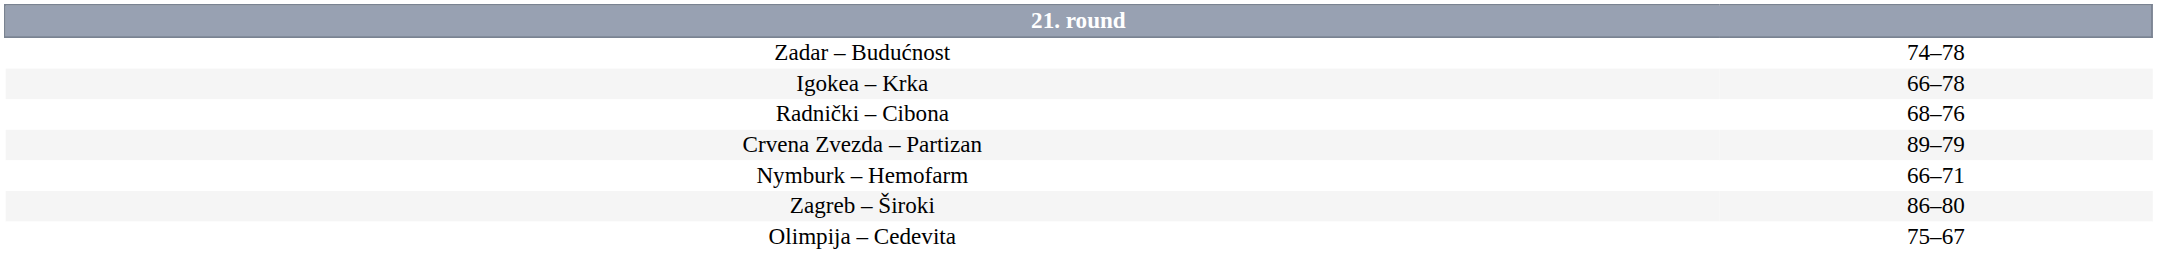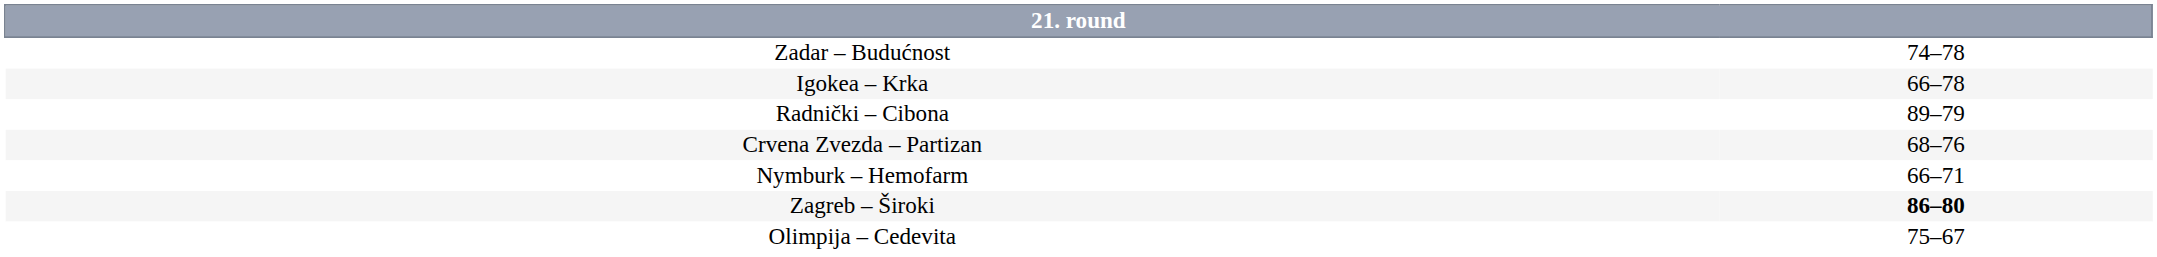 <table border=0 cellspacing=0 cellpadding=1em style="font-size: 85%; border-collapse: collapse;" width=100%>
 <tr>
 <td colspan=5 bgcolor=#98A1B2 style="border:1px solid #7A8392; text-align:center; color:#FFFFFF;"><strong>21. round</strong></td>
 </tr>
 <tr align=center bgcolor=#FFFFFF>
 <td>Zadar – Budućnost</td>
 <td>74–78</td>
 </tr>
 <tr align=center bgcolor=#f5f5f5>
 <td>Igokea – Krka</td>
 <td>66–78</td>
 </tr>
 <tr align=center bgcolor=#FFFFFF>
 <td>Radnički – Cibona</td>
-<td>68–76</td>
+<td>89–79</td>
 </tr>
 <tr align=center bgcolor=#f5f5f5>
 <td>Crvena Zvezda – Partizan</td>
-<td>89–79</td>
+<td>68–76</td>
 </tr>
 <tr align=center bgcolor=#FFFFFF>
 <td>Nymburk – Hemofarm</td>
 <td>66–71</td>
 </tr>
 <tr align=center bgcolor=#f5f5f5>
 <td>Zagreb – Široki</td>
-<td>86–80</td>
+<td><strong>86–80</strong></td>
 </tr>
 <tr align=center bgcolor=#FFFFFF>
 <td>Olimpija – Cedevita</td>
 <td>75–67</td>
 </tr>
 </table>
